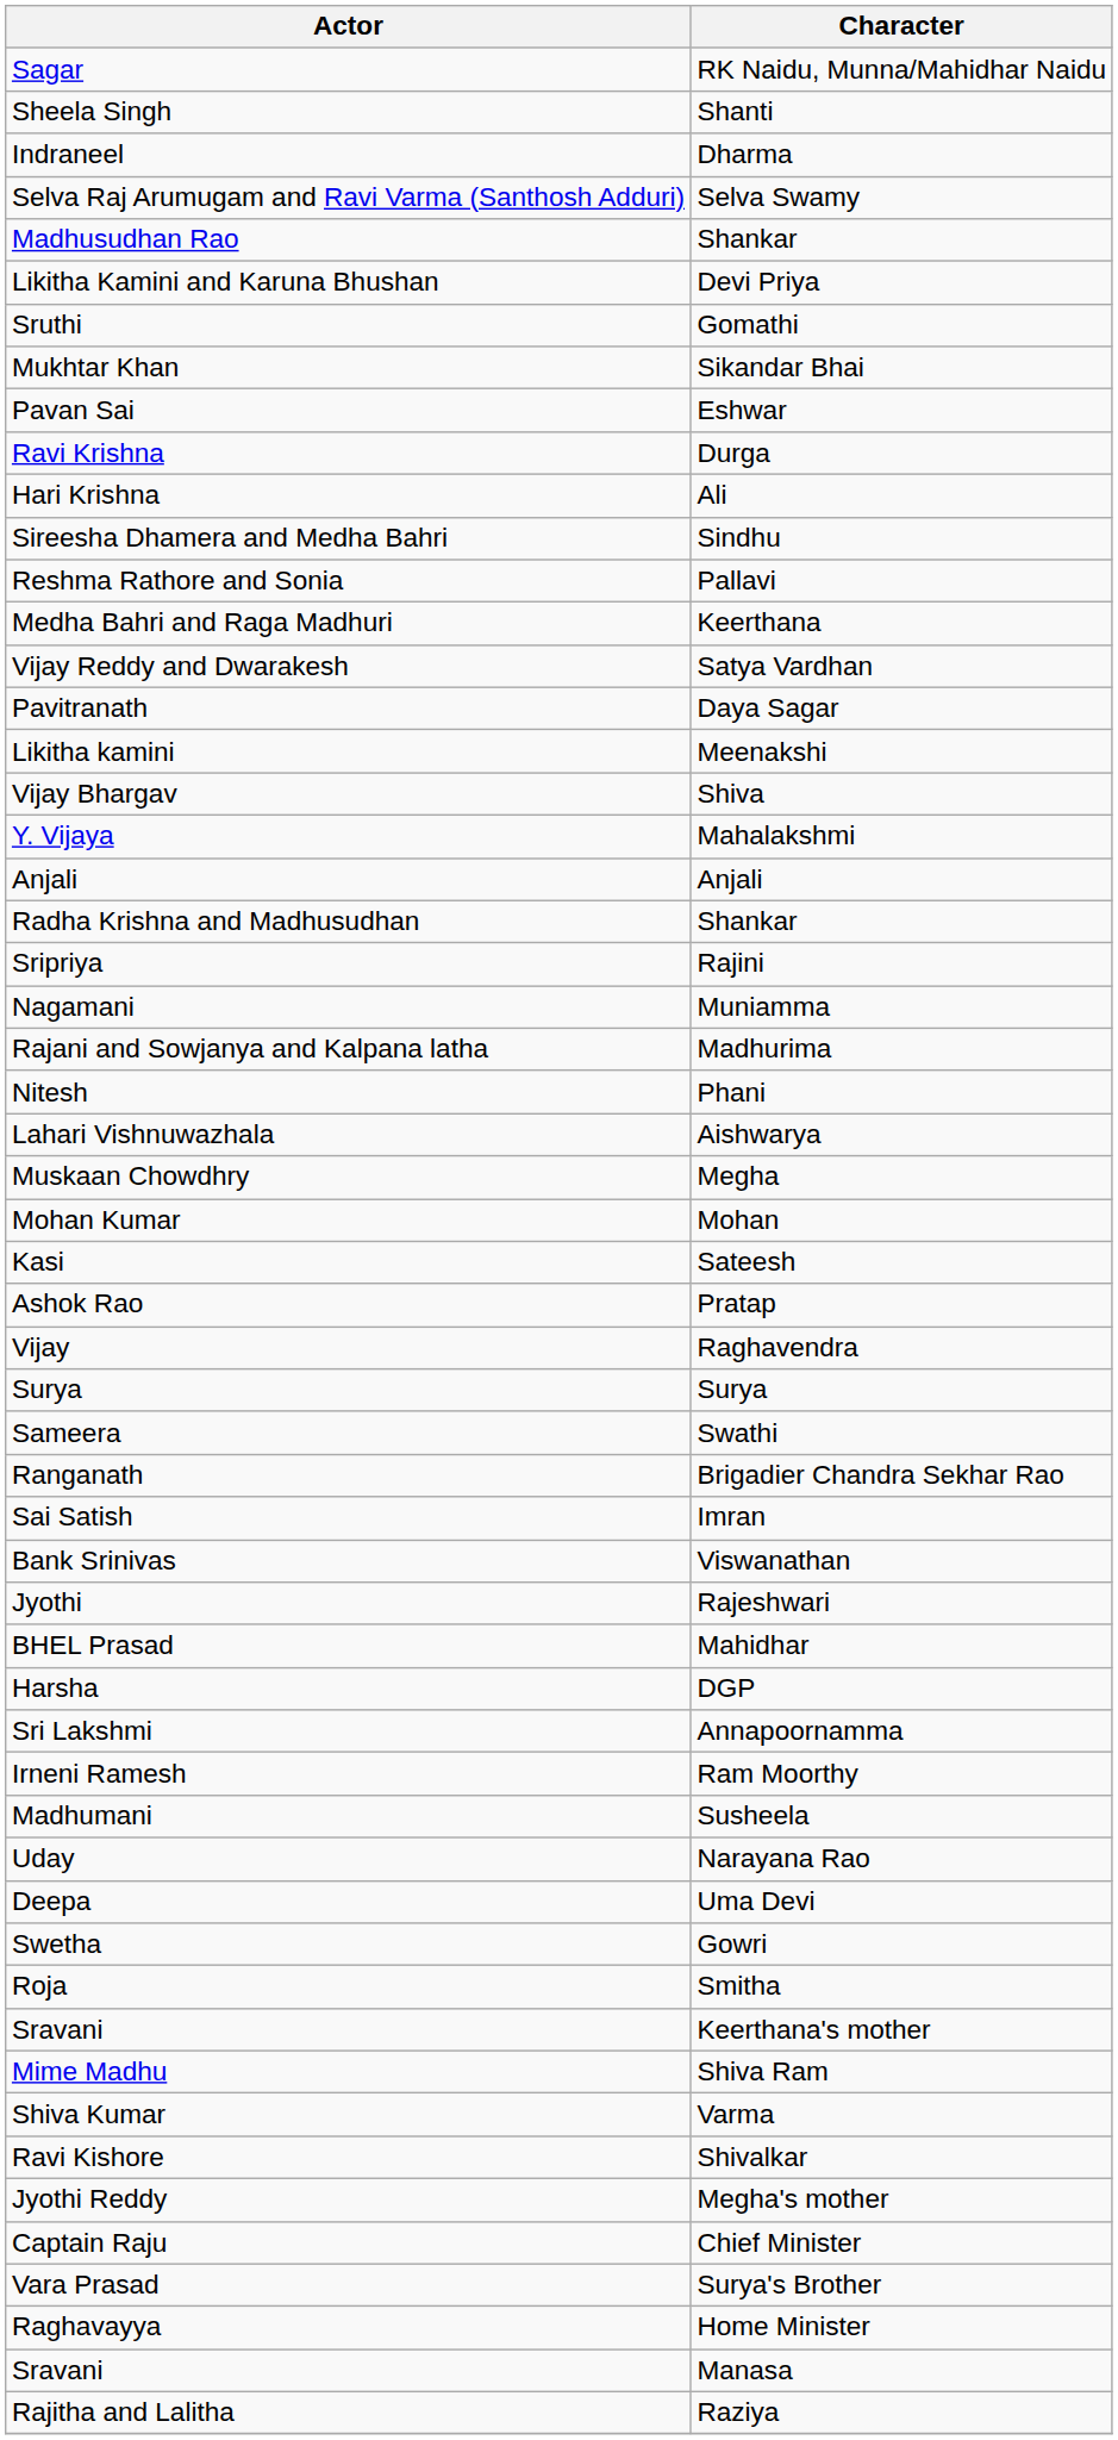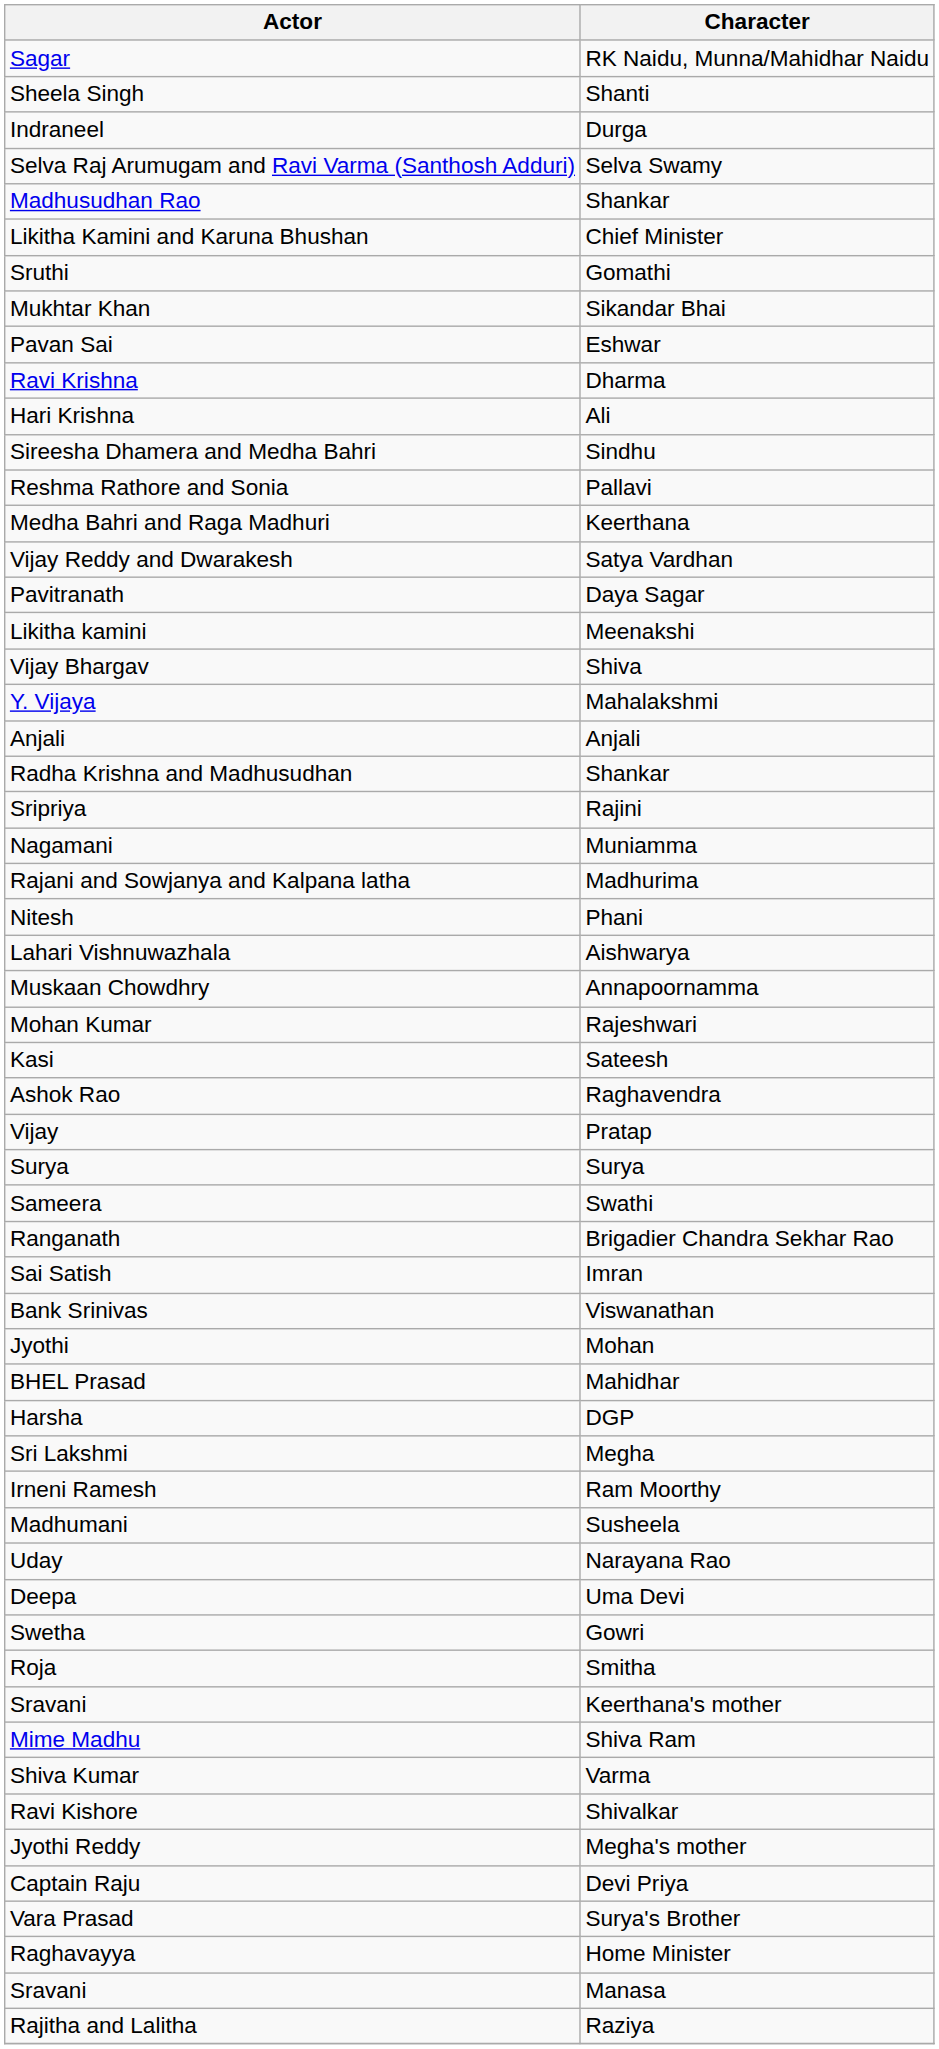 <table class="wikitable sortable">
 <tr>
 <th>Actor</th>
 <th>Character</th>
 </tr>
 <tr>
 <td><a href='#'>Sagar</a></td>
 <td>RK Naidu, Munna/Mahidhar Naidu</td>
 </tr>
 <tr>
 <td>Sheela Singh</td>
 <td>Shanti</td>
 </tr>
 <tr>
 <td>Indraneel</td>
-<td>Dharma</td>
+<td>Durga</td>
 </tr>
 <tr>
 <td>Selva Raj Arumugam and <a href='#'>Ravi Varma (Santhosh Adduri)</a></td>
 <td>Selva Swamy</td>
 </tr>
 <tr>
 <td><a href='#'>Madhusudhan Rao</a></td>
 <td>Shankar</td>
 </tr>
 <tr>
 <td>Likitha Kamini and Karuna Bhushan</td>
-<td>Devi Priya</td>
+<td>Chief Minister</td>
 </tr>
 <tr>
 <td>Sruthi</td>
 <td>Gomathi</td>
 </tr>
 <tr>
 <td>Mukhtar Khan</td>
 <td>Sikandar Bhai</td>
 </tr>
 <tr>
 <td>Pavan Sai</td>
 <td>Eshwar</td>
 </tr>
 <tr>
 <td><a href='#'>Ravi Krishna</a></td>
-<td>Durga</td>
+<td>Dharma</td>
 </tr>
 <tr>
 <td>Hari Krishna</td>
 <td>Ali</td>
 </tr>
 <tr>
 <td>Sireesha Dhamera and Medha Bahri</td>
 <td>Sindhu</td>
 </tr>
 <tr>
 <td>Reshma Rathore and Sonia</td>
 <td>Pallavi</td>
 </tr>
 <tr>
 <td>Medha Bahri and Raga Madhuri</td>
 <td>Keerthana</td>
 </tr>
 <tr>
 <td>Vijay Reddy and Dwarakesh</td>
 <td>Satya Vardhan</td>
 </tr>
 <tr>
 <td>Pavitranath</td>
 <td>Daya Sagar</td>
 </tr>
 <tr>
 <td>Likitha kamini</td>
 <td>Meenakshi</td>
 </tr>
 <tr>
 <td>Vijay Bhargav</td>
 <td>Shiva</td>
 </tr>
 <tr>
 <td><a href='#'>Y. Vijaya</a></td>
 <td>Mahalakshmi</td>
 </tr>
 <tr>
 <td>Anjali</td>
 <td>Anjali</td>
 </tr>
 <tr>
 <td>Radha Krishna and Madhusudhan</td>
 <td>Shankar</td>
 </tr>
 <tr>
 <td>Sripriya</td>
 <td>Rajini</td>
 </tr>
 <tr>
 <td>Nagamani</td>
 <td>Muniamma</td>
 </tr>
 <tr>
 <td>Rajani and Sowjanya and Kalpana latha</td>
 <td>Madhurima</td>
 </tr>
 <tr>
 <td>Nitesh</td>
 <td>Phani</td>
 </tr>
 <tr>
 <td>Lahari Vishnuwazhala</td>
 <td>Aishwarya</td>
 </tr>
 <tr>
 <td>Muskaan Chowdhry</td>
-<td>Megha</td>
+<td>Annapoornamma</td>
 </tr>
 <tr>
 <td>Mohan Kumar</td>
-<td>Mohan</td>
+<td>Rajeshwari</td>
 </tr>
 <tr>
 <td>Kasi</td>
 <td>Sateesh</td>
 </tr>
 <tr>
 <td>Ashok Rao</td>
-<td>Pratap</td>
+<td>Raghavendra</td>
 </tr>
 <tr>
 <td>Vijay</td>
-<td>Raghavendra</td>
+<td>Pratap</td>
 </tr>
 <tr>
 <td>Surya</td>
 <td>Surya</td>
 </tr>
 <tr>
 <td>Sameera</td>
 <td>Swathi</td>
 </tr>
 <tr>
 <td>Ranganath</td>
 <td>Brigadier Chandra Sekhar Rao</td>
 </tr>
 <tr>
 <td>Sai Satish</td>
 <td>Imran</td>
 </tr>
 <tr>
 <td>Bank Srinivas</td>
 <td>Viswanathan</td>
 </tr>
 <tr>
 <td>Jyothi</td>
-<td>Rajeshwari</td>
+<td>Mohan</td>
 </tr>
 <tr>
 <td>BHEL Prasad</td>
 <td>Mahidhar</td>
 </tr>
 <tr>
 <td>Harsha</td>
 <td>DGP</td>
 </tr>
 <tr>
 <td>Sri Lakshmi</td>
-<td>Annapoornamma</td>
+<td>Megha</td>
 </tr>
 <tr>
 <td>Irneni Ramesh</td>
 <td>Ram Moorthy</td>
 </tr>
 <tr>
 <td>Madhumani</td>
 <td>Susheela</td>
 </tr>
 <tr>
 <td>Uday</td>
 <td>Narayana Rao</td>
 </tr>
 <tr>
 <td>Deepa</td>
 <td>Uma Devi</td>
 </tr>
 <tr>
 <td>Swetha</td>
 <td>Gowri</td>
 </tr>
 <tr>
 <td>Roja</td>
 <td>Smitha</td>
 </tr>
 <tr>
 <td>Sravani</td>
 <td>Keerthana's mother</td>
 </tr>
 <tr>
 <td><a href='#'>Mime Madhu</a></td>
 <td>Shiva Ram</td>
 </tr>
 <tr>
 <td>Shiva Kumar</td>
 <td>Varma</td>
 </tr>
 <tr>
 <td>Ravi Kishore</td>
 <td>Shivalkar</td>
 </tr>
 <tr>
 <td>Jyothi Reddy</td>
 <td>Megha's mother</td>
 </tr>
 <tr>
 <td>Captain Raju</td>
-<td>Chief Minister</td>
+<td>Devi Priya</td>
 </tr>
 <tr>
 <td>Vara Prasad</td>
 <td>Surya's Brother</td>
 </tr>
 <tr>
 <td>Raghavayya</td>
 <td>Home Minister</td>
 </tr>
 <tr>
 <td>Sravani</td>
 <td>Manasa</td>
 </tr>
 <tr>
 <td>Rajitha and Lalitha</td>
 <td>Raziya</td>
 </tr>
 <tr>
 </tr>
 </table>
